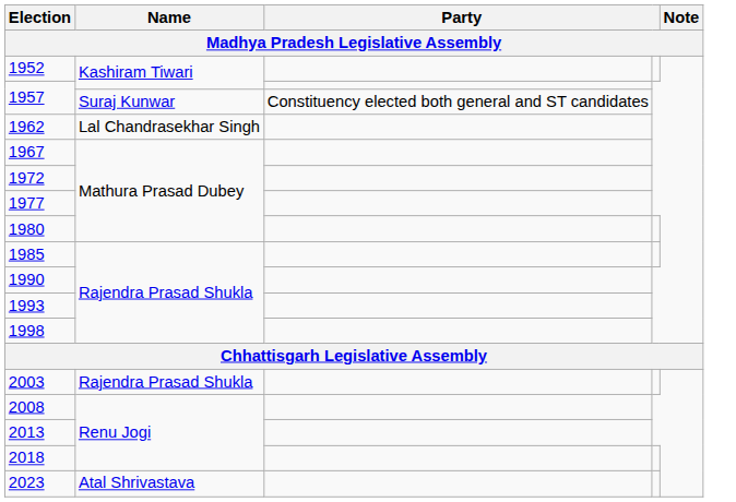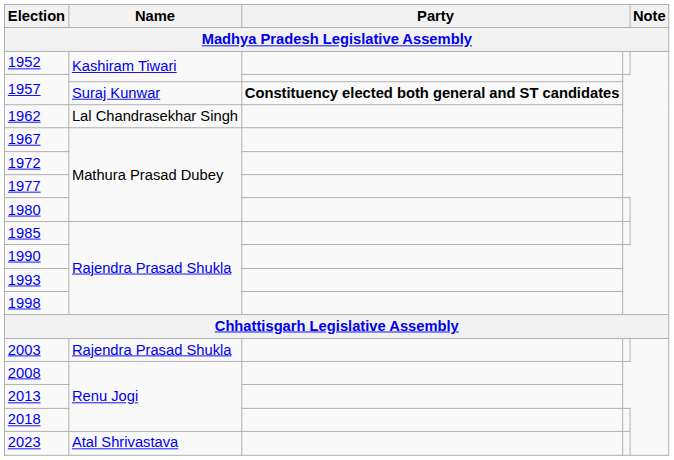 <table class="wikitable">
 <tr>
 <th>Election</th>
 <th>Name</th>
 <th colspan=2>Party</th>
 <th>Note</th>
 </tr>
 <tr>
 <th colspan=5><a href='#'>Madhya Pradesh Legislative Assembly</a></th>
 </tr>
 <tr>
 <td><a href='#'>1952</a></td>
 <td rowspan="2"><a href='#'>Kashiram Tiwari</a></td>
 <td></td>
 <td></td>
 </tr>
 <tr>
 <td rowspan="2"><a href='#'>1957</a></td>
 <td></td>
 </tr>
 <tr>
 <td><a href='#'>Suraj Kunwar</a></td>
-<td>Constituency elected both general and ST candidates</td>
+<td><strong>Constituency elected both general and ST candidates</strong></td>
 </tr>
 <tr>
 <td><a href='#'>1962</a></td>
 <td>Lal Chandrasekhar Singh</td>
 <td></td>
 </tr>
 <tr>
 <td><a href='#'>1967</a></td>
 <td rowspan="4">Mathura Prasad Dubey</td>
 <td></td>
 </tr>
 <tr>
 <td><a href='#'>1972</a></td>
 <td></td>
 </tr>
 <tr>
 <td><a href='#'>1977</a></td>
 <td></td>
 </tr>
 <tr>
 <td><a href='#'>1980</a></td>
 <td></td>
 <td></td>
 </tr>
 <tr>
 <td><a href='#'>1985</a></td>
 <td rowspan="4"><a href='#'>Rajendra Prasad Shukla</a></td>
 <td></td>
 <td></td>
 </tr>
 <tr>
 <td><a href='#'>1990</a></td>
 <td></td>
 </tr>
 <tr>
 <td><a href='#'>1993</a></td>
 <td></td>
 </tr>
 <tr>
 <td><a href='#'>1998</a></td>
 <td></td>
 </tr>
 <tr>
 <th colspan=5><a href='#'>Chhattisgarh Legislative Assembly</a></th>
 </tr>
 <tr>
 <td><a href='#'>2003</a></td>
 <td><a href='#'>Rajendra Prasad Shukla</a></td>
 <td></td>
 <td></td>
 </tr>
 <tr>
 <td><a href='#'>2008</a></td>
 <td rowspan="3"><a href='#'>Renu Jogi</a></td>
 <td></td>
 </tr>
 <tr>
 <td><a href='#'>2013</a></td>
 <td></td>
 </tr>
 <tr>
 <td><a href='#'>2018</a></td>
 <td></td>
 <td></td>
 </tr>
 <tr>
 <td><a href='#'>2023</a></td>
 <td><a href='#'>Atal Shrivastava</a></td>
 <td></td>
 <td></td>
 </tr>
 </table>
